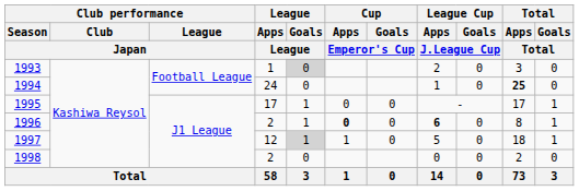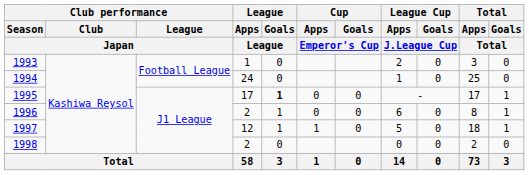 <table class="wikitable" style="text-align:center;">
 <tr>
 <th colspan=3>Club performance</th>
 <th colspan=2>League</th>
 <th colspan=2>Cup</th>
 <th colspan=2>League Cup</th>
 <th colspan=2>Total</th>
 </tr>
 <tr>
 <th>Season</th>
 <th>Club</th>
 <th>League</th>
 <th>Apps</th>
 <th>Goals</th>
 <th>Apps</th>
 <th>Goals</th>
 <th>Apps</th>
 <th>Goals</th>
 <th>Apps</th>
 <th>Goals</th>
 </tr>
 <tr>
 <th colspan=3>Japan</th>
 <th colspan=2>League</th>
 <th colspan=2><a href='#'>Emperor's Cup</a></th>
 <th colspan=2><a href='#'>J.League Cup</a></th>
 <th colspan=2>Total</th>
 </tr>
 <tr>
 <td><a href='#'>1993</a></td>
 <td rowspan="6"><a href='#'>Kashiwa Reysol</a></td>
 <td rowspan="2"><a href='#'>Football League</a></td>
 <td>1</td>
-<td style="background: lightgrey;">0</td>
+<td>0</td>
 <td></td>
 <td></td>
 <td>2</td>
 <td>0</td>
 <td>3</td>
 <td>0</td>
 </tr>
 <tr>
 <td><a href='#'>1994</a></td>
 <td>24</td>
 <td>0</td>
 <td></td>
 <td></td>
 <td>1</td>
 <td>0</td>
-<td><strong>25</strong></td>
+<td>25</td>
 <td>0</td>
 </tr>
 <tr>
 <td><a href='#'>1995</a></td>
 <td rowspan="4"><a href='#'>J1 League</a></td>
 <td>17</td>
-<td>1</td>
+<td><strong>1</strong></td>
 <td>0</td>
 <td>0</td>
 <td colspan="2">-</td>
 <td>17</td>
 <td>1</td>
 </tr>
 <tr>
 <td><a href='#'>1996</a></td>
 <td>2</td>
 <td>1</td>
-<td><strong>0</strong></td>
 <td>0</td>
-<td><strong>6</strong></td>
+<td>0</td>
+<td>6</td>
 <td>0</td>
 <td>8</td>
 <td>1</td>
 </tr>
 <tr>
 <td><a href='#'>1997</a></td>
 <td>12</td>
-<td style="background: lightgrey;">1</td>
+<td>1</td>
 <td>1</td>
 <td>0</td>
 <td>5</td>
 <td>0</td>
 <td>18</td>
 <td>1</td>
 </tr>
 <tr>
 <td><a href='#'>1998</a></td>
 <td>2</td>
 <td>0</td>
 <td></td>
 <td></td>
 <td>0</td>
 <td>0</td>
 <td>2</td>
 <td>0</td>
 </tr>
 <tr>
 <th colspan=3>Total</th>
 <th>58</th>
 <th>3</th>
 <th>1</th>
 <th>0</th>
 <th>14</th>
 <th>0</th>
 <th>73</th>
 <th>3</th>
 </tr>
 </table>
